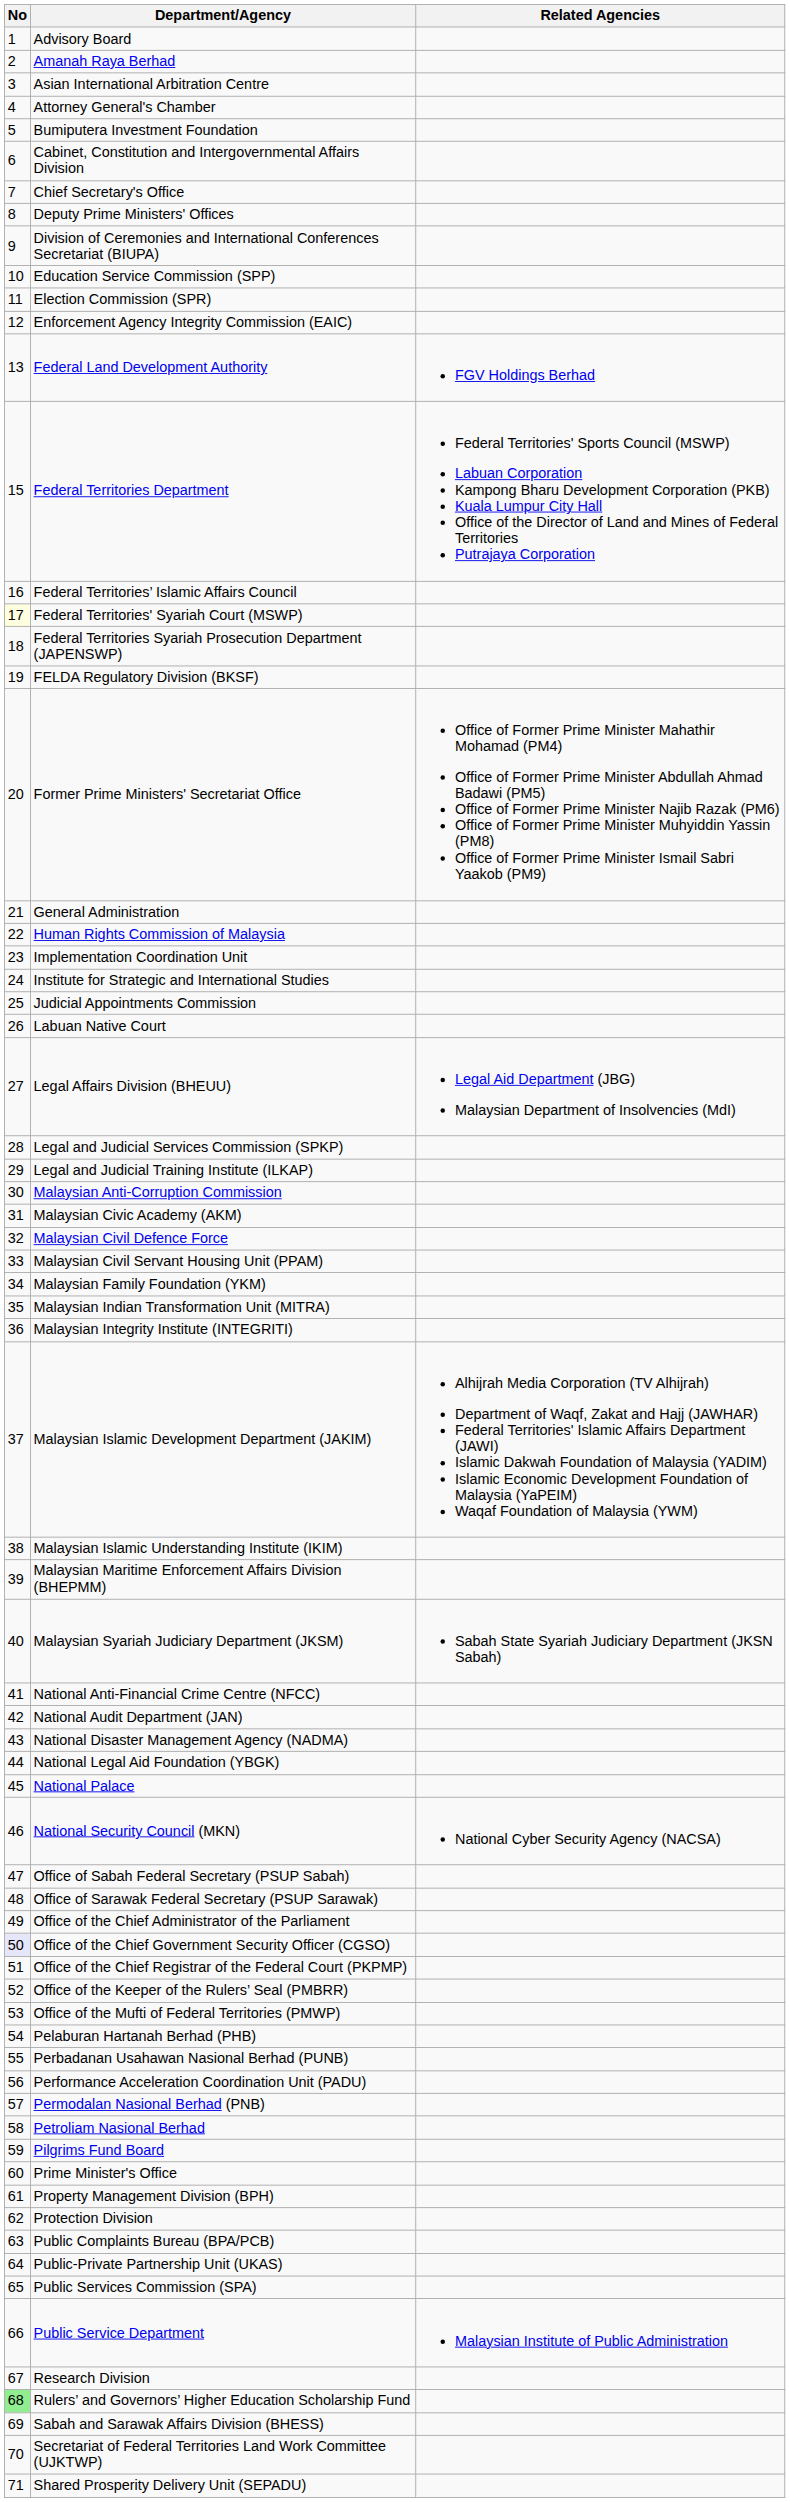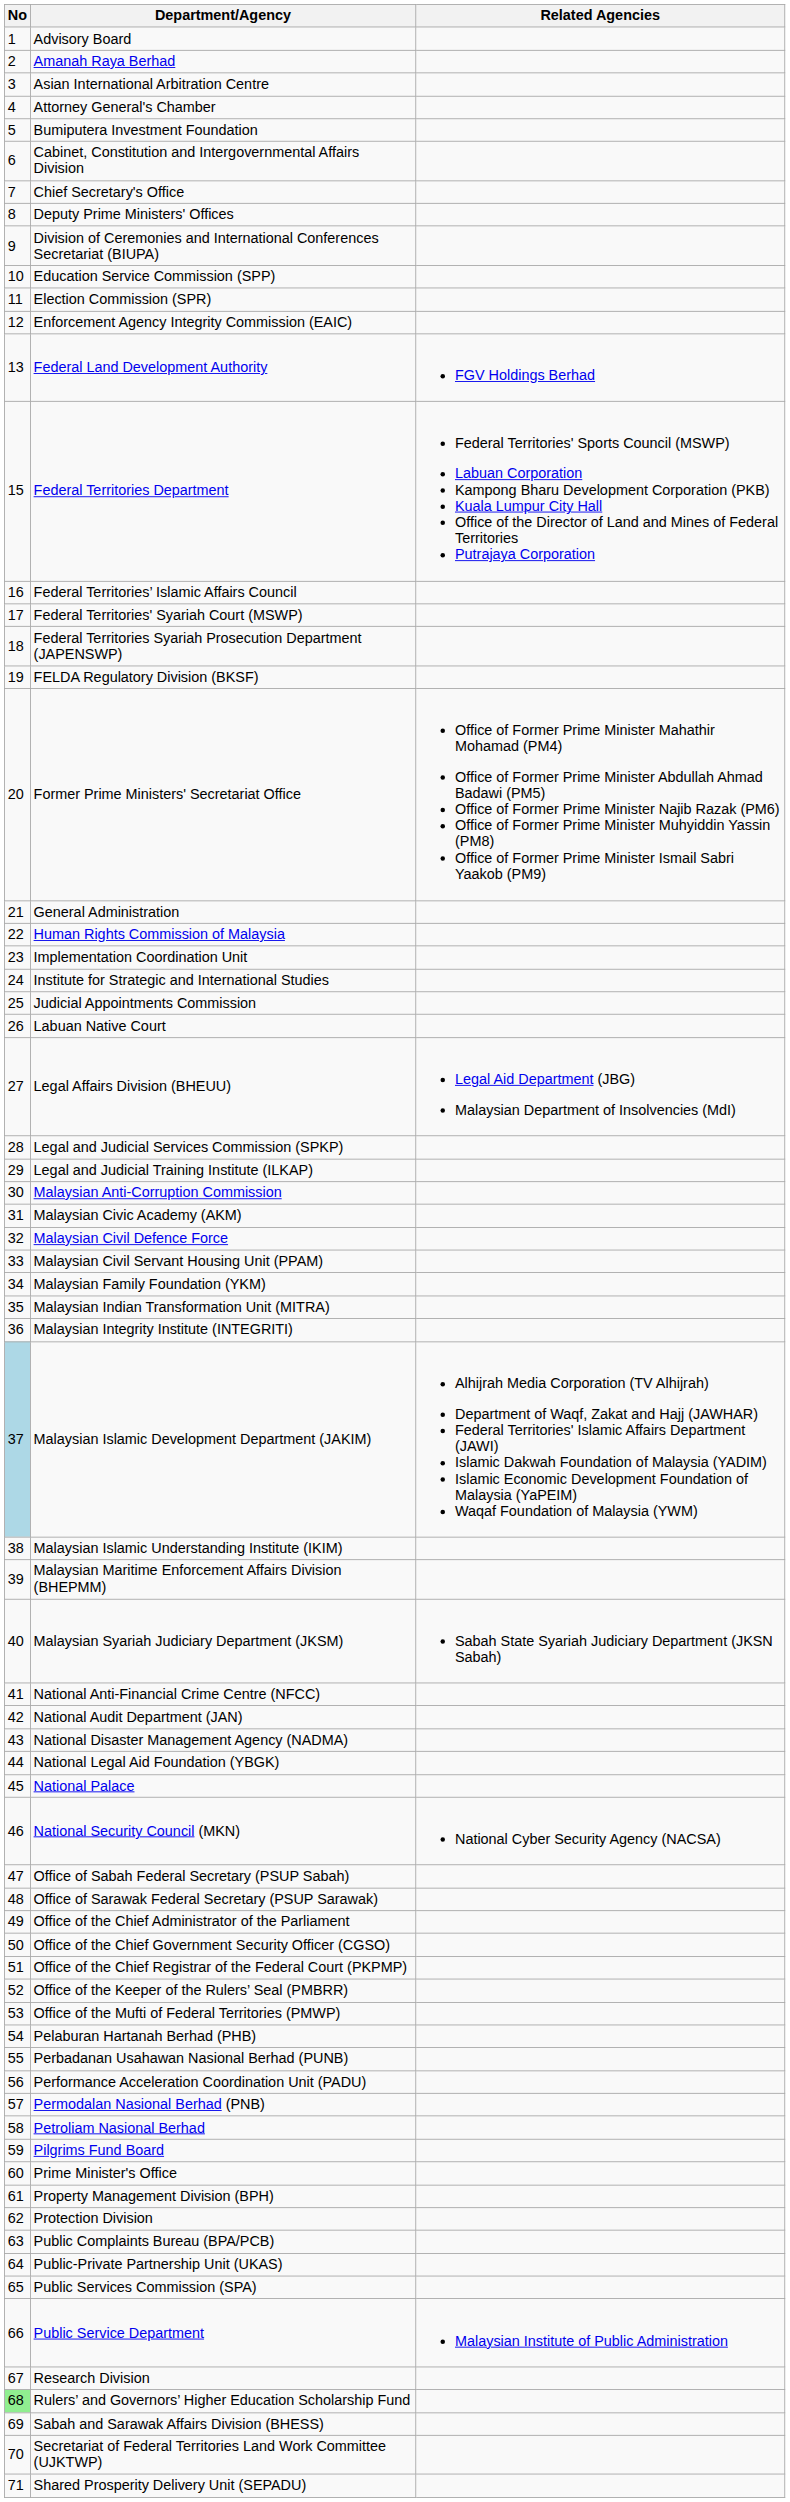 <table class="wikitable">
 <tr>
 <th>No</th>
 <th>Department/Agency</th>
 <th>Related Agencies</th>
 </tr>
 <tr>
 <td>1</td>
 <td>Advisory Board</td>
 <td></td>
 </tr>
 <tr>
 <td>2</td>
 <td><a href='#'>Amanah Raya Berhad</a></td>
 <td></td>
 </tr>
 <tr>
 <td>3</td>
 <td>Asian International Arbitration Centre</td>
 <td></td>
 </tr>
 <tr>
 <td>4</td>
 <td>Attorney General's Chamber</td>
 <td></td>
 </tr>
 <tr>
 <td>5</td>
 <td>Bumiputera Investment Foundation</td>
 <td></td>
 </tr>
 <tr>
 <td>6</td>
 <td>Cabinet, Constitution and Intergovernmental Affairs Division</td>
 <td></td>
 </tr>
 <tr>
 <td>7</td>
 <td>Chief Secretary's Office</td>
 <td></td>
 </tr>
 <tr>
 <td>8</td>
 <td>Deputy Prime Ministers' Offices</td>
 <td></td>
 </tr>
 <tr>
 <td>9</td>
 <td>Division of Ceremonies and International Conferences Secretariat (BIUPA)</td>
 <td></td>
 </tr>
 <tr>
 <td>10</td>
 <td>Education Service Commission (SPP)</td>
 <td></td>
 </tr>
 <tr>
 <td>11</td>
 <td>Election Commission (SPR)</td>
 <td></td>
 </tr>
 <tr>
 <td>12</td>
 <td>Enforcement Agency Integrity Commission (EAIC)</td>
 <td></td>
 </tr>
 <tr>
 <td>13</td>
 <td><a href='#'>Federal Land Development Authority</a></td>
 <td><br><ul><li><a href='#'>FGV Holdings Berhad</a></li></ul></td>
 </tr>
 <tr>
 <td>15</td>
 <td><a href='#'>Federal Territories Department</a></td>
 <td><br><ul><li>Federal Territories' Sports Council (MSWP)</li></ul><ul><li><a href='#'>Labuan Corporation</a></li><li>Kampong Bharu Development Corporation (PKB)</li><li><a href='#'>Kuala Lumpur City Hall</a></li><li>Office of the Director of Land and Mines of Federal Territories</li><li><a href='#'>Putrajaya Corporation</a></li></ul></td>
 </tr>
 <tr>
 <td>16</td>
 <td>Federal Territories’ Islamic Affairs Council</td>
 <td></td>
 </tr>
 <tr>
-<td style="background: lightyellow;">17</td>
+<td>17</td>
 <td>Federal Territories' Syariah Court (MSWP)</td>
 <td></td>
 </tr>
 <tr>
 <td>18</td>
 <td>Federal Territories Syariah Prosecution Department (JAPENSWP)</td>
 <td></td>
 </tr>
 <tr>
 <td>19</td>
 <td>FELDA Regulatory Division (BKSF)</td>
 <td></td>
 </tr>
 <tr>
 <td>20</td>
 <td>Former Prime Ministers' Secretariat Office</td>
 <td><br><ul><li>Office of Former Prime Minister Mahathir Mohamad (PM4)</li></ul><ul><li>Office of Former Prime Minister Abdullah Ahmad Badawi (PM5)</li><li>Office of Former Prime Minister Najib Razak (PM6)</li><li>Office of Former Prime Minister Muhyiddin Yassin (PM8)</li><li>Office of Former Prime Minister Ismail Sabri Yaakob (PM9)</li></ul></td>
 </tr>
 <tr>
 <td>21</td>
 <td>General Administration</td>
 <td></td>
 </tr>
 <tr>
 <td>22</td>
 <td><a href='#'>Human Rights Commission of Malaysia</a></td>
 <td></td>
 </tr>
 <tr>
 <td>23</td>
 <td>Implementation Coordination Unit</td>
 <td></td>
 </tr>
 <tr>
 <td>24</td>
 <td>Institute for Strategic and International Studies</td>
 <td></td>
 </tr>
 <tr>
 <td>25</td>
 <td>Judicial Appointments Commission</td>
 <td></td>
 </tr>
 <tr>
 <td>26</td>
 <td>Labuan Native Court</td>
 <td></td>
 </tr>
 <tr>
 <td>27</td>
 <td>Legal Affairs Division (BHEUU)</td>
 <td><br><ul><li><a href='#'>Legal Aid Department</a> (JBG)</li></ul><ul><li>Malaysian Department of Insolvencies (MdI)</li></ul></td>
 </tr>
 <tr>
 <td>28</td>
 <td>Legal and Judicial Services Commission (SPKP)</td>
 <td></td>
 </tr>
 <tr>
 <td>29</td>
 <td>Legal and Judicial Training Institute (ILKAP)</td>
 <td></td>
 </tr>
 <tr>
 <td>30</td>
 <td><a href='#'>Malaysian Anti-Corruption Commission</a></td>
 <td></td>
 </tr>
 <tr>
 <td>31</td>
 <td>Malaysian Civic Academy (AKM)</td>
 <td></td>
 </tr>
 <tr>
 <td>32</td>
 <td><a href='#'>Malaysian Civil Defence Force</a></td>
 <td></td>
 </tr>
 <tr>
 <td>33</td>
 <td>Malaysian Civil Servant Housing Unit (PPAM)</td>
 <td></td>
 </tr>
 <tr>
 <td>34</td>
 <td>Malaysian Family Foundation (YKM)</td>
 <td></td>
 </tr>
 <tr>
 <td>35</td>
 <td>Malaysian Indian Transformation Unit (MITRA)</td>
 <td></td>
 </tr>
 <tr>
 <td>36</td>
 <td>Malaysian Integrity Institute (INTEGRITI)</td>
 <td></td>
 </tr>
 <tr>
-<td>37</td>
+<td style="background: lightblue;">37</td>
 <td>Malaysian Islamic Development Department (JAKIM)</td>
 <td><br><ul><li>Alhijrah Media Corporation (TV Alhijrah)</li></ul><ul><li>Department of Waqf, Zakat and Hajj (JAWHAR)</li><li>Federal Territories' Islamic Affairs Department (JAWI)</li><li>Islamic Dakwah Foundation of Malaysia (YADIM)</li><li>Islamic Economic Development Foundation of Malaysia (YaPEIM)</li><li>Waqaf Foundation of Malaysia (YWM)</li></ul></td>
 </tr>
 <tr>
 <td>38</td>
 <td>Malaysian Islamic Understanding Institute (IKIM)</td>
 <td></td>
 </tr>
 <tr>
 <td>39</td>
 <td>Malaysian Maritime Enforcement Affairs Division (BHEPMM)</td>
 <td></td>
 </tr>
 <tr>
 <td>40</td>
 <td>Malaysian Syariah Judiciary Department (JKSM)</td>
 <td><br><ul><li>Sabah State Syariah Judiciary Department (JKSN Sabah)</li></ul></td>
 </tr>
 <tr>
 <td>41</td>
 <td>National Anti-Financial Crime Centre (NFCC)</td>
 <td></td>
 </tr>
 <tr>
 <td>42</td>
 <td>National Audit Department (JAN)</td>
 <td></td>
 </tr>
 <tr>
 <td>43</td>
 <td>National Disaster Management Agency (NADMA)</td>
 <td></td>
 </tr>
 <tr>
 <td>44</td>
 <td>National Legal Aid Foundation (YBGK)</td>
 <td></td>
 </tr>
 <tr>
 <td>45</td>
 <td><a href='#'>National Palace</a></td>
 <td></td>
 </tr>
 <tr>
 <td>46</td>
 <td><a href='#'>National Security Council</a> (MKN)</td>
 <td><br><ul><li>National Cyber Security Agency (NACSA)</li></ul></td>
 </tr>
 <tr>
 <td>47</td>
 <td>Office of Sabah Federal Secretary (PSUP Sabah)</td>
 <td></td>
 </tr>
 <tr>
 <td>48</td>
 <td>Office of Sarawak Federal Secretary (PSUP Sarawak)</td>
 <td></td>
 </tr>
 <tr>
 <td>49</td>
 <td>Office of the Chief Administrator of the Parliament</td>
 <td></td>
 </tr>
 <tr>
-<td style="background: lavender;">50</td>
+<td>50</td>
 <td>Office of the Chief Government Security Officer (CGSO)</td>
 <td></td>
 </tr>
 <tr>
 <td>51</td>
 <td>Office of the Chief Registrar of the Federal Court (PKPMP)</td>
 <td></td>
 </tr>
 <tr>
 <td>52</td>
 <td>Office of the Keeper of the Rulers’ Seal (PMBRR)</td>
 <td></td>
 </tr>
 <tr>
 <td>53</td>
 <td>Office of the Mufti of Federal Territories (PMWP)</td>
 <td></td>
 </tr>
 <tr>
 <td>54</td>
 <td>Pelaburan Hartanah Berhad (PHB)</td>
 <td></td>
 </tr>
 <tr>
 <td>55</td>
 <td>Perbadanan Usahawan Nasional Berhad (PUNB)</td>
 <td></td>
 </tr>
 <tr>
 <td>56</td>
 <td>Performance Acceleration Coordination Unit (PADU)</td>
 <td></td>
 </tr>
 <tr>
 <td>57</td>
 <td><a href='#'>Permodalan Nasional Berhad</a> (PNB)</td>
 <td></td>
 </tr>
 <tr>
 <td>58</td>
 <td><a href='#'>Petroliam Nasional Berhad</a></td>
 <td></td>
 </tr>
 <tr>
 <td>59</td>
 <td><a href='#'>Pilgrims Fund Board</a></td>
 <td></td>
 </tr>
 <tr>
 <td>60</td>
 <td>Prime Minister's Office</td>
 <td></td>
 </tr>
 <tr>
 <td>61</td>
 <td>Property Management Division (BPH)</td>
 <td></td>
 </tr>
 <tr>
 <td>62</td>
 <td>Protection Division</td>
 <td></td>
 </tr>
 <tr>
 <td>63</td>
 <td>Public Complaints Bureau (BPA/PCB)</td>
 <td></td>
 </tr>
 <tr>
 <td>64</td>
 <td>Public-Private Partnership Unit (UKAS)</td>
 <td></td>
 </tr>
 <tr>
 <td>65</td>
 <td>Public Services Commission (SPA)</td>
 <td></td>
 </tr>
 <tr>
 <td>66</td>
 <td><a href='#'>Public Service Department</a></td>
 <td><br><ul><li><a href='#'>Malaysian Institute of Public Administration</a></li></ul></td>
 </tr>
 <tr>
 <td>67</td>
 <td>Research Division</td>
 <td></td>
 </tr>
 <tr>
 <td style="background: lightgreen;">68</td>
 <td>Rulers’ and Governors’ Higher Education Scholarship Fund</td>
 <td></td>
 </tr>
 <tr>
 <td>69</td>
 <td>Sabah and Sarawak Affairs Division (BHESS)</td>
 <td></td>
 </tr>
 <tr>
 <td>70</td>
 <td>Secretariat of Federal Territories Land Work Committee (UJKTWP)</td>
 <td></td>
 </tr>
 <tr>
 <td>71</td>
 <td>Shared Prosperity Delivery Unit (SEPADU)</td>
 </tr>
 </table>
